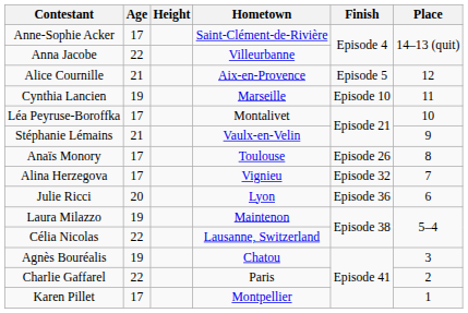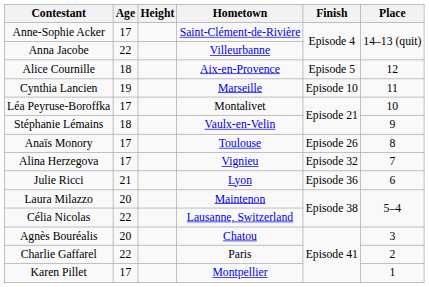 <table class="wikitable sortable" style="text-align:center;">
 <tr>
 <th>Contestant</th>
 <th>Age</th>
 <th>Height</th>
 <th>Hometown</th>
 <th>Finish</th>
 <th>Place</th>
 </tr>
 <tr>
 <td>Anne-Sophie Acker</td>
 <td>17</td>
 <td></td>
 <td><a href='#'>Saint-Clément-de-Rivière</a></td>
 <td rowspan="2">Episode 4</td>
 <td rowspan="2">14–13 (quit)</td>
 </tr>
 <tr>
 <td>Anna Jacobe</td>
 <td>22</td>
 <td></td>
 <td><a href='#'>Villeurbanne</a></td>
 </tr>
 <tr>
 <td>Alice Cournille</td>
-<td>21</td>
+<td>18</td>
 <td></td>
 <td><a href='#'>Aix-en-Provence</a></td>
 <td>Episode 5</td>
 <td>12</td>
 </tr>
 <tr>
 <td>Cynthia Lancien</td>
 <td>19</td>
 <td></td>
 <td><a href='#'>Marseille</a></td>
 <td>Episode 10</td>
 <td>11</td>
 </tr>
 <tr>
 <td>Léa Peyruse-Boroffka</td>
 <td>17</td>
 <td></td>
 <td>Montalivet</td>
 <td rowspan="2">Episode 21</td>
 <td>10</td>
 </tr>
 <tr>
 <td>Stéphanie Lémains</td>
-<td>21</td>
+<td>18</td>
 <td></td>
 <td><a href='#'>Vaulx-en-Velin</a></td>
 <td>9</td>
 </tr>
 <tr>
 <td>Anaïs Monory</td>
 <td>17</td>
 <td></td>
 <td><a href='#'>Toulouse</a></td>
 <td>Episode 26</td>
 <td>8</td>
 </tr>
 <tr>
 <td>Alina Herzegova</td>
 <td>17</td>
 <td></td>
 <td><a href='#'>Vignieu</a></td>
 <td>Episode 32</td>
 <td>7</td>
 </tr>
 <tr>
 <td>Julie Ricci</td>
-<td>20</td>
+<td>21</td>
 <td></td>
 <td><a href='#'>Lyon</a></td>
 <td>Episode 36</td>
 <td>6</td>
 </tr>
 <tr>
 <td>Laura Milazzo</td>
-<td>19</td>
+<td>20</td>
 <td></td>
 <td><a href='#'>Maintenon</a></td>
 <td rowspan=2>Episode 38</td>
 <td rowspan="2">5–4</td>
 </tr>
 <tr>
 <td>Célia Nicolas</td>
 <td>22</td>
 <td></td>
 <td><a href='#'>Lausanne, Switzerland</a></td>
 </tr>
 <tr>
 <td>Agnès Bouréalis</td>
-<td>19</td>
+<td>20</td>
 <td></td>
 <td><a href='#'>Chatou</a></td>
 <td rowspan="3">Episode 41</td>
 <td>3</td>
 </tr>
 <tr>
 <td>Charlie Gaffarel</td>
 <td>22</td>
 <td></td>
 <td>Paris</td>
 <td>2</td>
 </tr>
 <tr>
 <td>Karen Pillet</td>
 <td>17</td>
 <td></td>
 <td><a href='#'>Montpellier</a></td>
 <td>1</td>
 </tr>
 </table>
